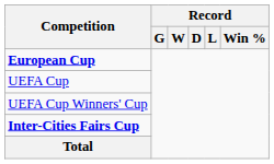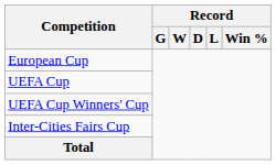 <table class="wikitable" style="text-align: center">
 <tr>
 <th rowspan="2">Competition</th>
 <th colspan="5">Record</th>
 </tr>
 <tr>
 <th>G</th>
 <th>W</th>
 <th>D</th>
 <th>L</th>
 <th>Win %</th>
 </tr>
 <tr>
-<td align=left><strong><a href='#'>European Cup</a><br></strong></td>
+<td align=left><a href='#'>European Cup</a><br></td>
 </tr>
 <tr>
 <td align=left><a href='#'>UEFA Cup</a><br></td>
 </tr>
 <tr>
 <td align=left><a href='#'>UEFA Cup Winners' Cup</a><br></td>
 </tr>
 <tr>
-<td align=left><strong><a href='#'>Inter-Cities Fairs Cup</a><br></strong></td>
+<td align=left><a href='#'>Inter-Cities Fairs Cup</a><br></td>
 </tr>
 <tr>
 <th>Total<br></th>
 </tr>
 </table>
